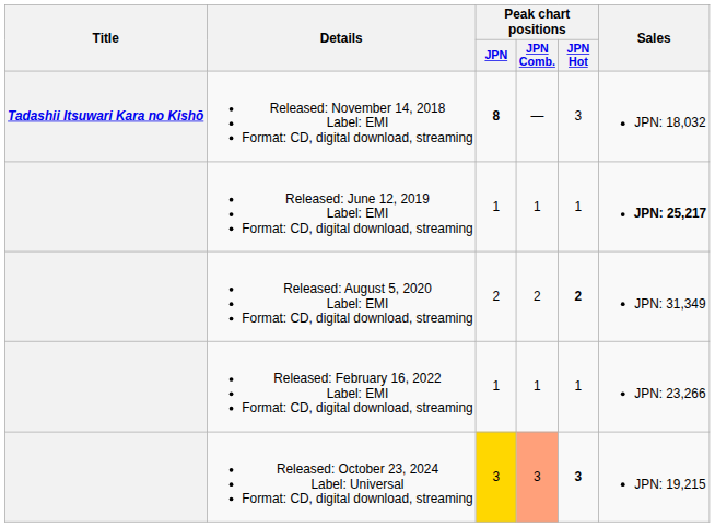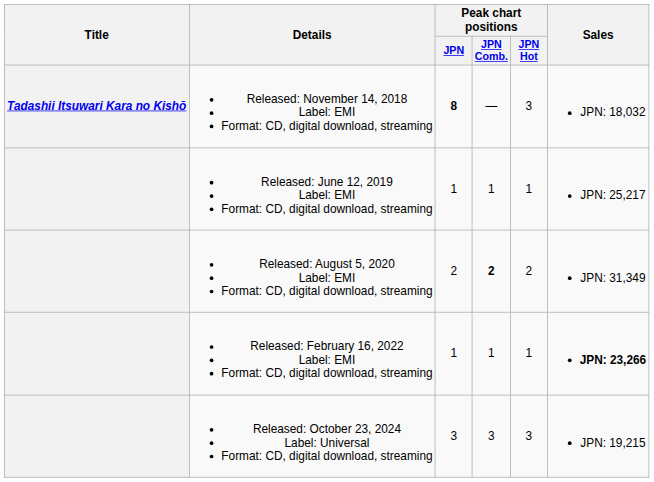 <table class="wikitable plainrowheaders" style="text-align:center;">
 <tr>
 <th rowspan="2" scope="col">Title</th>
 <th rowspan="2" scope="col">Details</th>
 <th colspan="3" scope="col">Peak chart<br>positions</th>
 <th rowspan="2" scope="col">Sales</th>
 </tr>
 <tr>
 <th scope="col" style="width:3em;font-size:90%;"><a href='#'>JPN</a><br></th>
 <th scope="col" style="width:3em;font-size:90%;"><a href='#'>JPN<br>Comb.</a><br></th>
 <th scope="col" style="width:3em;font-size:90%;"><a href='#'>JPN<br>Hot</a><br></th>
 </tr>
 <tr>
 <th scope="row"><em><a href='#'>Tadashii Itsuwari Kara no Kishō</a></em></th>
 <td><br><ul><li>Released: November 14, 2018</li><li>Label: EMI</li><li>Format: CD, digital download, streaming</li></ul></td>
 <td><strong>8</strong></td>
 <td>—</td>
 <td>3</td>
 <td><br><ul><li>JPN: 18,032</li></ul></td>
 </tr>
 <tr>
 <th scope="row"><em></em></th>
 <td><br><ul><li>Released: June 12, 2019</li><li>Label: EMI</li><li>Format: CD, digital download, streaming</li></ul></td>
 <td>1</td>
 <td>1</td>
 <td>1</td>
-<td><strong><br><ul><li>JPN: 25,217</li></ul></strong></td>
+<td><br><ul><li>JPN: 25,217</li></ul></td>
 </tr>
 <tr>
 <th scope="row"><em></em></th>
 <td><br><ul><li>Released: August 5, 2020</li><li>Label: EMI</li><li>Format: CD, digital download, streaming</li></ul></td>
 <td>2</td>
+<td><strong>2</strong></td>
 <td>2</td>
-<td><strong>2</strong></td>
 <td><br><ul><li>JPN: 31,349</li></ul></td>
 </tr>
 <tr>
 <th scope="row"><em></em></th>
 <td><br><ul><li>Released: February 16, 2022</li><li>Label: EMI</li><li>Format: CD, digital download, streaming</li></ul></td>
 <td>1</td>
 <td>1</td>
 <td>1</td>
-<td><br><ul><li>JPN: 23,266</li></ul></td>
+<td><strong><br><ul><li>JPN: 23,266</li></ul></strong></td>
 </tr>
 <tr>
 <th scope="row"><em></em></th>
 <td><br><ul><li>Released: October 23, 2024</li><li>Label: Universal</li><li>Format: CD, digital download, streaming</li></ul></td>
-<td style="background: gold;">3</td>
-<td style="background: lightsalmon;">3</td>
-<td><strong>3</strong></td>
+<td>3</td>
+<td>3</td>
+<td>3</td>
 <td><br><ul><li>JPN: 19,215</li></ul></td>
 </tr>
 </table>
